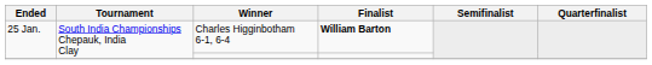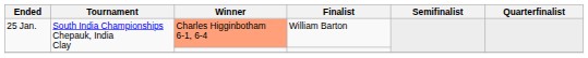 <table class="wikitable" style="font-size:85%;">
 <tr>
 <th width="75">Ended</th>
 <th width="230">Tournament</th>
 <th width="210">Winner</th>
 <th width="210">Finalist</th>
 <th width="170">Semifinalist</th>
 <th width="170">Quarterfinalist</th>
 </tr>
 <tr valign=top>
 <td rowspan=2>25 Jan.</td>
 <td rowspan="2"><a href='#'>South India Championships</a> <br>Chepauk, India<br>Clay</td>
-<td> Charles Higginbotham <br>6-1, 6-4</td>
-<td><strong> William Barton</strong></td>
+<td style="background: lightsalmon;"> Charles Higginbotham <br>6-1, 6-4</td>
+<td> William Barton</td>
 <td style="background:#ededed;" rowspan=2></td>
 <td style="background:#ededed;" rowspan=2></td>
 </tr>
 <tr valign=top>
 <td></td>
 <td></td>
 </tr>
 <tr valign=top>
 </tr>
 </table>
